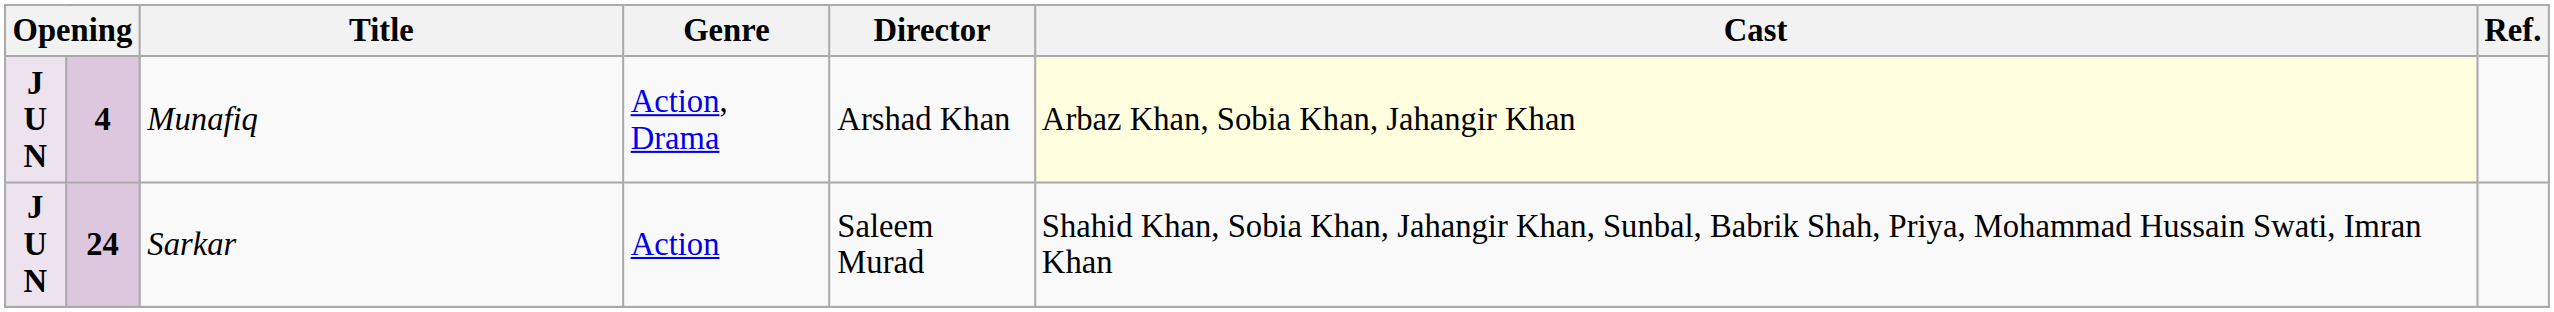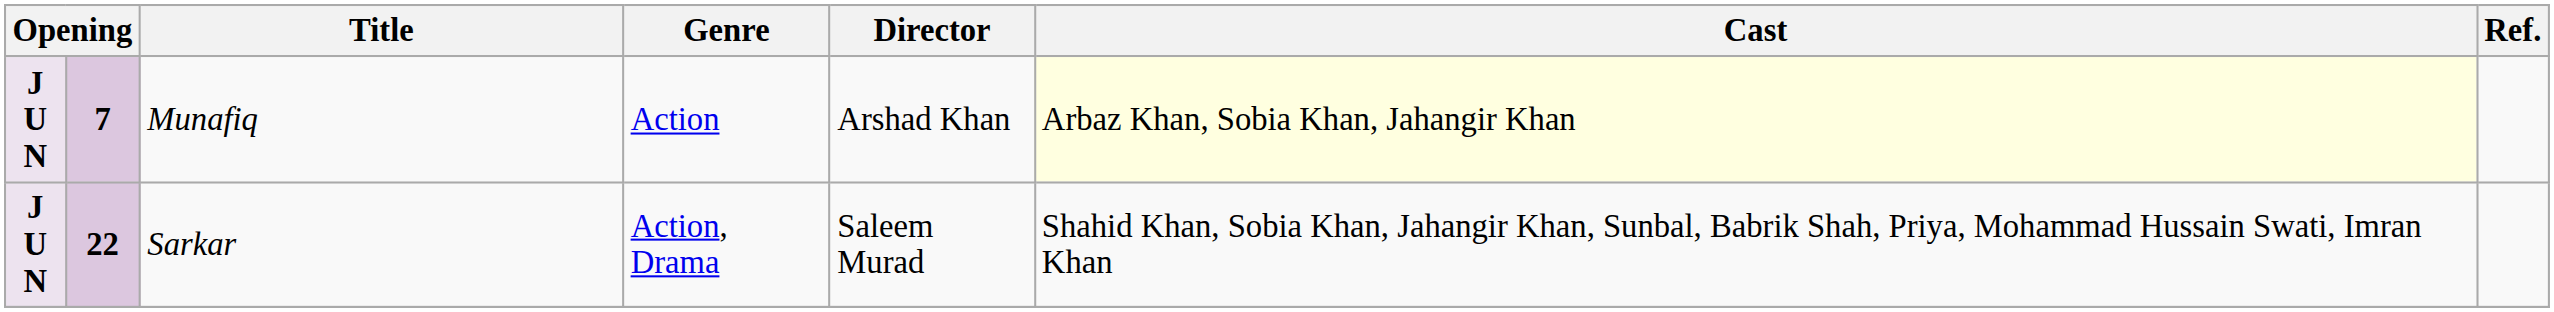 <table class="wikitable">
 <tr style="background:#b0e0e66; text-align:center;">
 <th colspan="2"><strong>Opening</strong></th>
 <th style="width:19%;"><strong>Title</strong></th>
 <th><strong>Genre</strong></th>
 <th><strong>Director</strong></th>
 <th><strong>Cast</strong></th>
 <th><strong>Ref.</strong></th>
 </tr>
 <tr>
 <td rowspan="1" style="text-align:center; textcolor:#000; background:#ede3ef;"><strong>J<br>U<br>N</strong></td>
-<td rowspan="1" style="text-align:center; background:#dcc7df; textcolor:#000;"><strong>4</strong></td>
+<td rowspan="1" style="text-align:center; background:#dcc7df; textcolor:#000;"><strong>7</strong></td>
 <td><em>Munafiq</em></td>
-<td><a href='#'>Action</a>, <a href='#'>Drama</a></td>
+<td><a href='#'>Action</a></td>
 <td>Arshad Khan</td>
 <td style="background: lightyellow;">Arbaz Khan, Sobia Khan, Jahangir Khan</td>
 <td></td>
 </tr>
 <tr>
 <td rowspan="1" style="text-align:center; textcolor:#000; background:#ede3ef;"><strong>J<br>U<br>N</strong></td>
-<td rowspan="1" style="text-align:center; background:#dcc7df; textcolor:#000;"><strong>24</strong></td>
+<td rowspan="1" style="text-align:center; background:#dcc7df; textcolor:#000;"><strong>22</strong></td>
 <td><em>Sarkar</em></td>
-<td><a href='#'>Action</a></td>
+<td><a href='#'>Action</a>, <a href='#'>Drama</a></td>
 <td>Saleem Murad</td>
 <td>Shahid Khan, Sobia Khan, Jahangir Khan, Sunbal, Babrik Shah, Priya, Mohammad Hussain Swati, Imran Khan</td>
 <td></td>
 </tr>
 <tr>
 </tr>
 </table>
